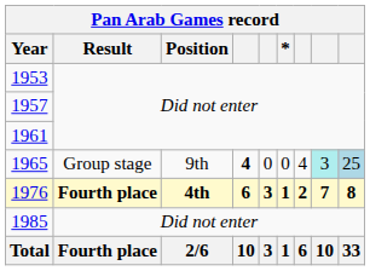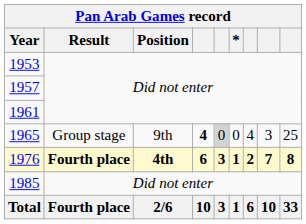 <table class="wikitable" style="text-align: center;font-size:100%">
 <tr>
 <th colspan=9><a href='#'>Pan Arab Games</a> record</th>
 </tr>
 <tr>
 <th>Year</th>
 <th>Result</th>
 <th>Position</th>
 <th></th>
 <th></th>
 <th>*</th>
 <th></th>
 <th></th>
 <th></th>
 </tr>
 <tr>
 <td> <a href='#'>1953</a></td>
 <td rowspan=3 colspan=8><em>Did not enter</em></td>
 </tr>
 <tr>
 <td> <a href='#'>1957</a></td>
 </tr>
 <tr>
 <td> <a href='#'>1961</a></td>
 </tr>
 <tr>
 <td> <a href='#'>1965</a></td>
 <td>Group stage</td>
 <td>9th</td>
 <td><strong>4</strong></td>
-<td>0</td>
+<td style="background: lightgrey;">0</td>
 <td>0</td>
 <td>4</td>
-<td style="background: paleturquoise;">3</td>
-<td style="background: lightblue;">25</td>
+<td>3</td>
+<td>25</td>
 </tr>
 <tr bgcolor="LemonChiffon">
 <td> <a href='#'>1976</a></td>
 <td><strong>Fourth place</strong></td>
 <td><strong>4th</strong></td>
 <td><strong>6</strong></td>
 <td><strong>3</strong></td>
 <td><strong>1</strong></td>
 <td><strong>2</strong></td>
 <td><strong>7</strong></td>
 <td><strong>8</strong></td>
 </tr>
 <tr>
 <td> <a href='#'>1985</a></td>
 <td colspan=8><em>Did not enter</em></td>
 </tr>
 <tr>
 <th><strong>Total</strong></th>
 <th><strong>Fourth place</strong></th>
 <th>2/6</th>
 <th><strong>10</strong></th>
 <th><strong>3</strong></th>
 <th><strong>1</strong></th>
 <th><strong>6</strong></th>
 <th><strong>10</strong></th>
 <th><strong>33</strong></th>
 </tr>
 </table>
